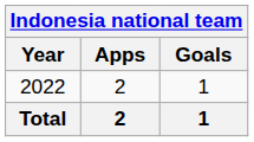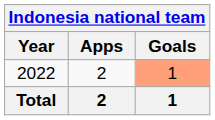 <table class="wikitable" style="text-align:center">
 <tr>
 <th colspan=3><a href='#'>Indonesia national team</a></th>
 </tr>
 <tr>
 <th>Year</th>
 <th>Apps</th>
 <th>Goals</th>
 </tr>
 <tr>
 <td>2022</td>
 <td>2</td>
-<td>1</td>
+<td style="background: lightsalmon;">1</td>
 </tr>
 <tr>
 <th>Total</th>
 <th>2</th>
 <th>1</th>
 </tr>
 </table>
